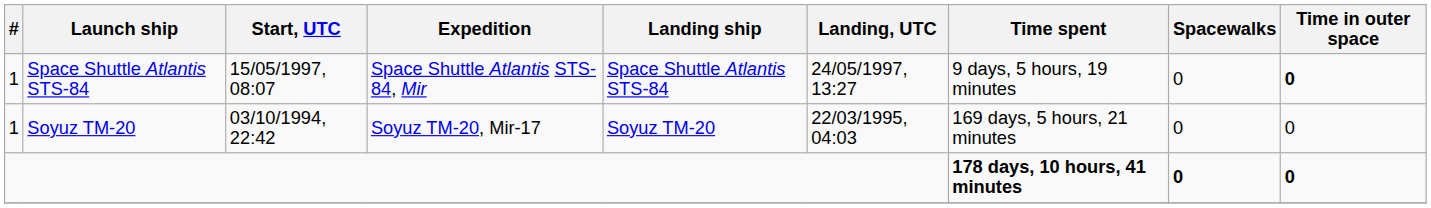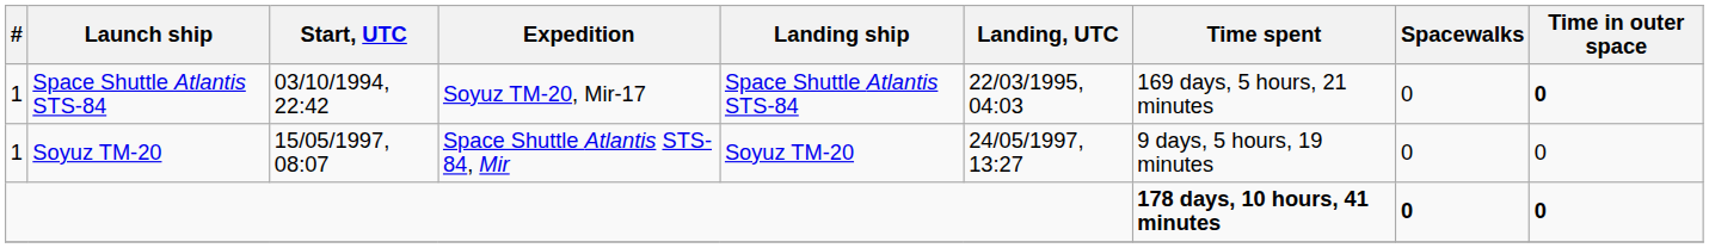 <table class="wikitable">
 <tr>
 <th>#</th>
 <th>Launch ship</th>
 <th>Start, <a href='#'>UTC</a></th>
 <th>Expedition</th>
 <th>Landing ship</th>
 <th>Landing, UTC</th>
 <th>Time spent</th>
 <th>Spacewalks</th>
 <th>Time in outer space</th>
 </tr>
 <tr>
 <td>1</td>
 <td><a href='#'>Space Shuttle <em>Atlantis</em></a> <a href='#'>STS-84</a></td>
-<td>15/05/1997, 08:07</td>
-<td><a href='#'>Space Shuttle <em>Atlantis</em></a> <a href='#'>STS-84</a>, <em><a href='#'>Mir</a></em></td>
+<td>03/10/1994, 22:42</td>
+<td><a href='#'>Soyuz TM-20</a>, Mir-17</td>
 <td><a href='#'>Space Shuttle <em>Atlantis</em></a> <a href='#'>STS-84</a></td>
-<td>24/05/1997, 13:27</td>
-<td>9 days, 5 hours, 19 minutes</td>
+<td>22/03/1995, 04:03</td>
+<td>169 days, 5 hours, 21 minutes</td>
 <td>0</td>
 <td><strong>0</strong></td>
 </tr>
 <tr>
 <td>1</td>
 <td><a href='#'>Soyuz TM-20</a></td>
-<td>03/10/1994, 22:42</td>
-<td><a href='#'>Soyuz TM-20</a>, Mir-17</td>
+<td>15/05/1997, 08:07</td>
+<td><a href='#'>Space Shuttle <em>Atlantis</em></a> <a href='#'>STS-84</a>, <em><a href='#'>Mir</a></em></td>
 <td><a href='#'>Soyuz TM-20</a></td>
-<td>22/03/1995, 04:03</td>
-<td>169 days, 5 hours, 21 minutes</td>
+<td>24/05/1997, 13:27</td>
+<td>9 days, 5 hours, 19 minutes</td>
 <td>0</td>
 <td>0</td>
 </tr>
 <tr>
 <td colspan=6></td>
 <td><strong>178 days, 10 hours, 41 minutes</strong></td>
 <td><strong>0</strong></td>
 <td><strong>0</strong></td>
 </tr>
 <tr>
 </tr>
 </table>
